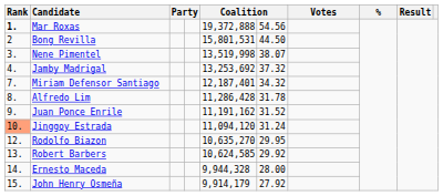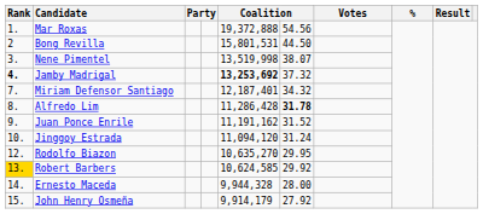 <table class="wikitable">
 <tr>
 <th width="5px">Rank</th>
 <th style="text-align:left;width: 15em">Candidate</th>
 <th colspan="2">Party</th>
 <th colspan="2">Coalition</th>
 <th width="100px">Votes</th>
 <th width="50px">%</th>
 <th>Result</th>
 <th></th>
 </tr>
 <tr>
-<td><strong>1.</strong></td>
+<td>1.</td>
 <td width="200px" style="text-align:left;"><a href='#'>Mar Roxas</a></td>
 <td></td>
 <td></td>
 <td>19,372,888</td>
 <td>54.56</td>
 <td></td>
 <td rowspan="12"></td>
 </tr>
 <tr>
 <td>2</td>
 <td width="200px" style="text-align:left;"><a href='#'>Bong Revilla</a></td>
 <td></td>
 <td></td>
 <td>15,801,531</td>
 <td>44.50</td>
 <td></td>
 </tr>
 <tr>
 <td>3.</td>
 <td width="200px" style="text-align:left;"><a href='#'>Nene Pimentel</a></td>
 <td></td>
 <td></td>
 <td>13,519,998</td>
 <td>38.07</td>
 <td></td>
 </tr>
 <tr>
-<td>4.</td>
+<td><strong>4.</strong></td>
 <td width="200px" style="text-align:left;"><a href='#'>Jamby Madrigal</a></td>
 <td></td>
 <td></td>
-<td>13,253,692</td>
+<td><strong>13,253,692</strong></td>
 <td>37.32</td>
 <td></td>
 </tr>
 <tr>
 <td>7.</td>
 <td width="200px" style="text-align:left;"><a href='#'>Miriam Defensor Santiago</a></td>
 <td></td>
 <td></td>
 <td>12,187,401</td>
 <td>34.32</td>
 <td></td>
 </tr>
 <tr>
 <td>8.</td>
 <td width="200px" style="text-align:left;"><a href='#'>Alfredo Lim</a></td>
 <td></td>
 <td></td>
 <td>11,286,428</td>
-<td>31.78</td>
+<td><strong>31.78</strong></td>
 <td></td>
 </tr>
 <tr>
 <td>9.</td>
 <td width="200px" style="text-align:left;"><a href='#'>Juan Ponce Enrile</a></td>
 <td></td>
 <td></td>
 <td>11,191,162</td>
 <td>31.52</td>
 <td></td>
 </tr>
 <tr>
-<td style="background: lightsalmon;">10.</td>
+<td>10.</td>
 <td width="200px" style="text-align:left;"><a href='#'>Jinggoy Estrada</a></td>
 <td></td>
 <td></td>
 <td>11,094,120</td>
 <td>31.24</td>
 <td></td>
 </tr>
 <tr>
 <td>12.</td>
 <td width="200px" style="text-align:left;"><a href='#'>Rodolfo Biazon</a></td>
 <td></td>
 <td></td>
 <td>10,635,270</td>
 <td>29.95</td>
 <td></td>
 </tr>
 <tr>
-<td>13.</td>
+<td style="background: gold;">13.</td>
 <td width="200px" style="text-align:left;"><a href='#'>Robert Barbers</a></td>
 <td></td>
 <td></td>
 <td>10,624,585</td>
 <td>29.92</td>
 <td></td>
 </tr>
 <tr>
 <td>14.</td>
 <td width="200px" style="text-align:left;"><a href='#'>Ernesto Maceda</a></td>
 <td></td>
 <td></td>
 <td>9,944,328</td>
 <td>28.00</td>
 <td></td>
 </tr>
 <tr>
 <td>15.</td>
 <td width="200px" style="text-align:left;"><a href='#'>John Henry Osmeña</a></td>
 <td></td>
 <td></td>
 <td>9,914,179</td>
 <td>27.92</td>
 <td></td>
 </tr>
 </table>
